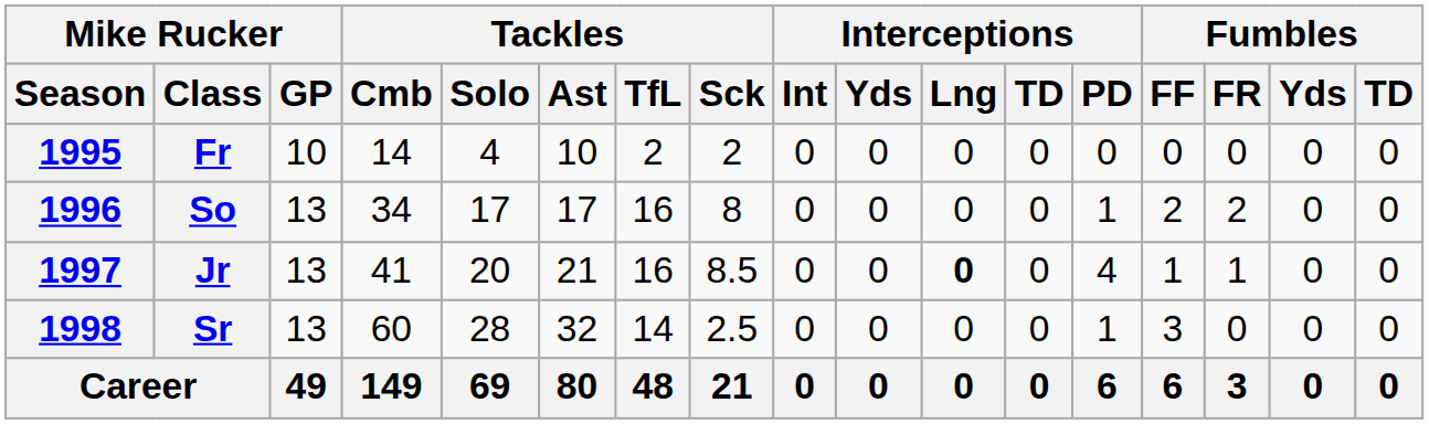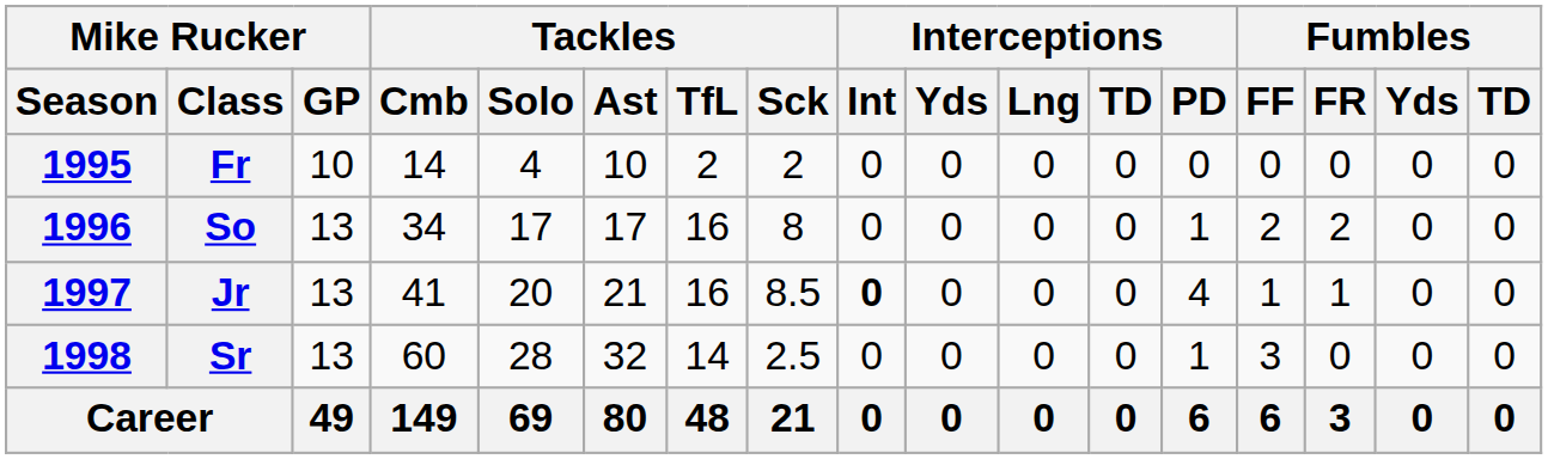 <table class=wikitable style="text-align:center;">
 <tr>
 <th colspan="3">Mike Rucker</th>
 <th colspan="5">Tackles</th>
 <th colspan="5">Interceptions</th>
 <th colspan="4">Fumbles</th>
 </tr>
 <tr>
 <th>Season</th>
 <th>Class</th>
 <th>GP</th>
 <th>Cmb</th>
 <th>Solo</th>
 <th>Ast</th>
 <th>TfL</th>
 <th>Sck</th>
 <th>Int</th>
 <th>Yds</th>
 <th>Lng</th>
 <th>TD</th>
 <th>PD</th>
 <th>FF</th>
 <th>FR</th>
 <th>Yds</th>
 <th>TD</th>
 </tr>
 <tr>
 <th><a href='#'>1995</a></th>
 <th><a href='#'>Fr</a></th>
 <td>10</td>
 <td>14</td>
 <td>4</td>
 <td>10</td>
 <td>2</td>
 <td>2</td>
 <td>0</td>
 <td>0</td>
 <td>0</td>
 <td>0</td>
 <td>0</td>
 <td>0</td>
 <td>0</td>
 <td>0</td>
 <td>0</td>
 </tr>
 <tr>
 <th><a href='#'>1996</a></th>
 <th><a href='#'>So</a></th>
 <td>13</td>
 <td>34</td>
 <td>17</td>
 <td>17</td>
 <td>16</td>
 <td>8</td>
 <td>0</td>
 <td>0</td>
 <td>0</td>
 <td>0</td>
 <td>1</td>
 <td>2</td>
 <td>2</td>
 <td>0</td>
 <td>0</td>
 </tr>
 <tr>
 <th><a href='#'>1997</a></th>
 <th><a href='#'>Jr</a></th>
 <td>13</td>
 <td>41</td>
 <td>20</td>
 <td>21</td>
 <td>16</td>
 <td>8.5</td>
+<td><strong>0</strong></td>
 <td>0</td>
 <td>0</td>
-<td><strong>0</strong></td>
 <td>0</td>
 <td>4</td>
 <td>1</td>
 <td>1</td>
 <td>0</td>
 <td>0</td>
 </tr>
 <tr>
 <th><a href='#'>1998</a></th>
 <th><a href='#'>Sr</a></th>
 <td>13</td>
 <td>60</td>
 <td>28</td>
 <td>32</td>
 <td>14</td>
 <td>2.5</td>
 <td>0</td>
 <td>0</td>
 <td>0</td>
 <td>0</td>
 <td>1</td>
 <td>3</td>
 <td>0</td>
 <td>0</td>
 <td>0</td>
 </tr>
 <tr>
 <th colspan="2">Career</th>
 <th>49</th>
 <th>149</th>
 <th>69</th>
 <th>80</th>
 <th>48</th>
 <th>21</th>
 <th>0</th>
 <th>0</th>
 <th>0</th>
 <th>0</th>
 <th>6</th>
 <th>6</th>
 <th>3</th>
 <th>0</th>
 <th>0</th>
 </tr>
 </table>
